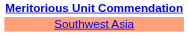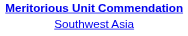 <table border="0" cellpadding="1" cellspacing="0" align="center">
 <tr>
 <th style="background: "><a href='#'>Meritorious Unit Commendation</a></th>
 </tr>
 <tr style="text-align: center;">
 <td></td>
 </tr>
 <tr style="text-align: center;">
-<td style="background: lightsalmon;"><a href='#'>Southwest Asia</a></td>
+<td><a href='#'>Southwest Asia</a></td>
 </tr>
 </table>
